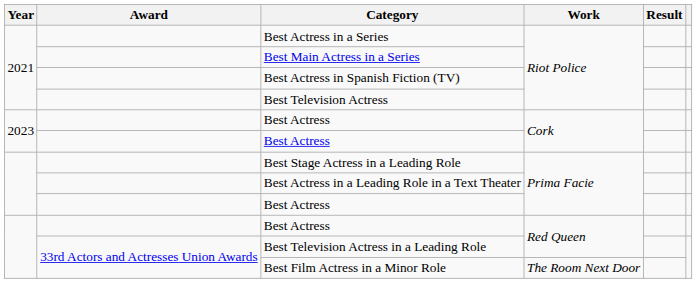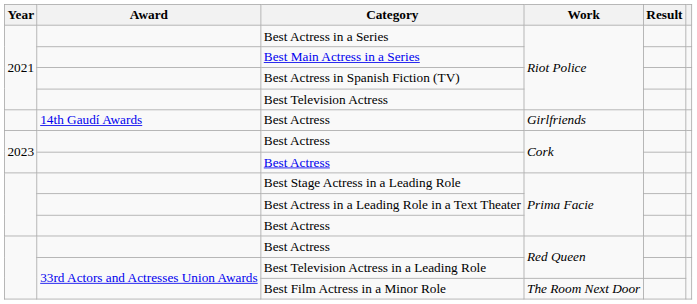 <table class="wikitable sortable plainrowheaders">
 <tr>
 <th>Year</th>
 <th>Award</th>
 <th>Category</th>
 <th>Work</th>
 <th>Result</th>
 <th scope="col" class="unsortable"></th>
 </tr>
 <tr>
 <td rowspan = 4 align = "center">2021</td>
 <td></td>
 <td>Best Actress in a Series</td>
 <td rowspan = "4"><em>Riot Police</em></td>
 <td></td>
 <td align = "center"></td>
 </tr>
 <tr>
 <td></td>
 <td><a href='#'>Best Main Actress in a Series</a></td>
 <td></td>
 <td align = "center"></td>
 </tr>
 <tr>
 <td></td>
 <td>Best Actress in Spanish Fiction (TV)</td>
 <td></td>
 <td align = "center"></td>
 </tr>
 <tr>
 <td></td>
 <td>Best Television Actress</td>
 <td></td>
 <td align = "center"></td>
+</tr>
+<tr>
+<td></td>
+<td><a href='#'>14th Gaudí Awards</a></td>
+<td>Best Actress</td>
+<td><em>Girlfriends</em></td>
+<td></td>
+<td></td>
 </tr>
 <tr>
 <td rowspan = "2" align = "center">2023</td>
 <td></td>
 <td>Best Actress</td>
 <td rowspan = "2"><em>Cork</em></td>
 <td></td>
 <td align = "center"></td>
 </tr>
 <tr>
 <td></td>
 <td><a href='#'>Best Actress</a></td>
 <td></td>
 <td align = "center"></td>
 </tr>
 <tr>
 <td rowspan = "3"></td>
 <td></td>
 <td>Best Stage Actress in a Leading Role</td>
 <td rowspan = "3"><em>Prima Facie</em></td>
 <td></td>
 <td></td>
 </tr>
 <tr>
 <td></td>
 <td>Best Actress in a Leading Role in a Text Theater</td>
 <td></td>
 <td></td>
 </tr>
 <tr>
 <td></td>
 <td>Best Actress</td>
 <td></td>
 <td></td>
 </tr>
 <tr>
 <td rowspan = "3"></td>
 <td></td>
 <td>Best Actress</td>
 <td rowspan = "2"><em>Red Queen</em></td>
 <td></td>
 <td></td>
 </tr>
 <tr>
 <td rowspan = "2"><a href='#'>33rd Actors and Actresses Union Awards</a></td>
 <td>Best Television Actress in a Leading Role</td>
 <td></td>
 <td rowspan = "2"></td>
 </tr>
 <tr>
 <td>Best Film Actress in a Minor Role</td>
 <td><em>The Room Next Door</em></td>
 <td></td>
 </tr>
 </table>
